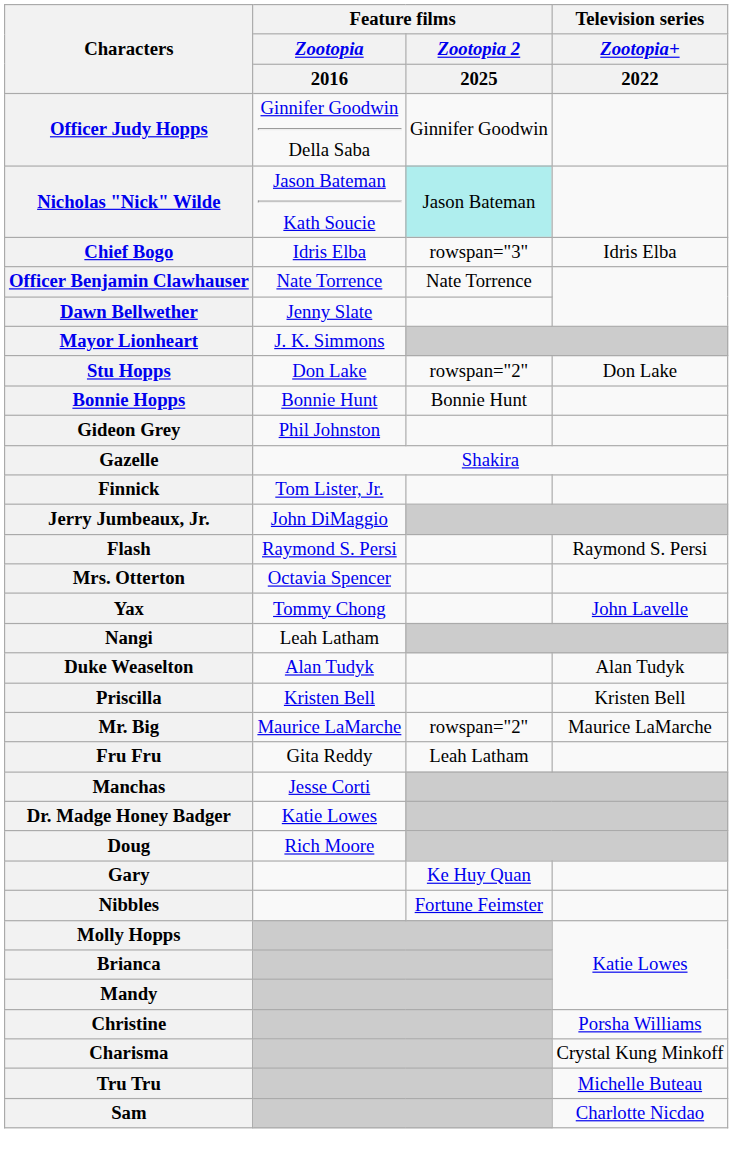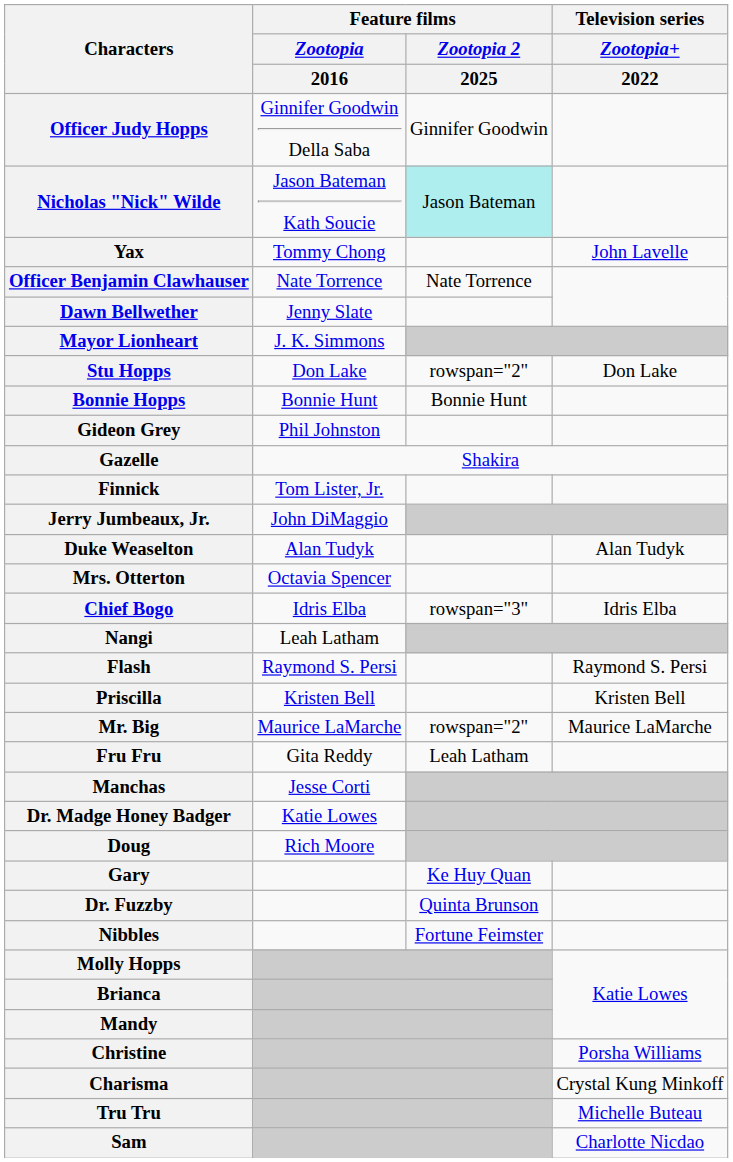 <table class="wikitable" style="text-align:center">
 <tr>
 <th rowspan="3">Characters</th>
 <th colspan="2">Feature films</th>
 <th>Television series</th>
 </tr>
 <tr>
 <th style="text-align:center;"><em><a href='#'>Zootopia</a></em></th>
 <th style="text-align:center;"><em><a href='#'>Zootopia 2</a></em></th>
 <th style="text-align:center;"><em><a href='#'>Zootopia+</a></em></th>
 </tr>
 <tr>
 <th>2016</th>
 <th>2025</th>
 <th>2022</th>
 </tr>
 <tr>
 <th><a href='#'>Officer Judy Hopps</a></th>
 <td><a href='#'>Ginnifer Goodwin</a><hr>Della Saba</td>
 <td>Ginnifer Goodwin</td>
 <td></td>
 </tr>
 <tr>
 <th><a href='#'>Nicholas "Nick" Wilde</a></th>
 <td><a href='#'>Jason Bateman</a><hr><a href='#'>Kath Soucie</a></td>
 <td style="background: paleturquoise;">Jason Bateman</td>
 <td></td>
 </tr>
 <tr>
-<th><a href='#'>Chief Bogo</a></th>
-<td><a href='#'>Idris Elba</a></td>
-<td>rowspan="3" </td>
-<td>Idris Elba</td>
+<th>Yax</th>
+<td><a href='#'>Tommy Chong</a></td>
+<td></td>
+<td><a href='#'>John Lavelle</a></td>
 </tr>
 <tr>
 <th><a href='#'>Officer Benjamin Clawhauser</a></th>
 <td><a href='#'>Nate Torrence</a></td>
 <td>Nate Torrence</td>
 </tr>
 <tr>
 <th><a href='#'>Dawn Bellwether</a></th>
 <td><a href='#'>Jenny Slate</a></td>
 <td></td>
 </tr>
 <tr>
 <th><a href='#'>Mayor Lionheart</a></th>
 <td><a href='#'>J. K. Simmons</a></td>
 <td colspan="2" style="background:#CCCCCC;"></td>
 </tr>
 <tr>
 <th><a href='#'>Stu Hopps</a></th>
 <td><a href='#'>Don Lake</a></td>
 <td>rowspan="2" </td>
 <td>Don Lake</td>
 </tr>
 <tr>
 <th><a href='#'>Bonnie Hopps</a></th>
 <td><a href='#'>Bonnie Hunt</a></td>
 <td>Bonnie Hunt</td>
 </tr>
 <tr>
 <th>Gideon Grey</th>
 <td><a href='#'>Phil Johnston</a></td>
 <td></td>
 <td></td>
 </tr>
 <tr>
 <th>Gazelle</th>
 <td colspan="3"><a href='#'>Shakira</a></td>
 </tr>
 <tr>
 <th>Finnick</th>
 <td><a href='#'>Tom Lister, Jr.</a></td>
 <td></td>
 <td></td>
 </tr>
 <tr>
 <th>Jerry Jumbeaux, Jr.</th>
 <td><a href='#'>John DiMaggio</a></td>
 <td colspan="2" style="background:#CCCCCC;"></td>
 </tr>
 <tr>
-<th>Flash</th>
-<td><a href='#'>Raymond S. Persi</a></td>
+<th>Duke Weaselton</th>
+<td><a href='#'>Alan Tudyk</a></td>
 <td></td>
-<td>Raymond S. Persi</td>
+<td>Alan Tudyk</td>
 </tr>
 <tr>
 <th>Mrs. Otterton</th>
 <td><a href='#'>Octavia Spencer</a></td>
 <td></td>
 <td></td>
 </tr>
 <tr>
-<th>Yax</th>
-<td><a href='#'>Tommy Chong</a></td>
-<td></td>
-<td><a href='#'>John Lavelle</a></td>
+<th><a href='#'>Chief Bogo</a></th>
+<td><a href='#'>Idris Elba</a></td>
+<td>rowspan="3" </td>
+<td>Idris Elba</td>
 </tr>
 <tr>
 <th>Nangi</th>
 <td>Leah Latham</td>
 <td colspan="2" style="background:#CCCCCC;"></td>
 </tr>
 <tr>
-<th>Duke Weaselton</th>
-<td><a href='#'>Alan Tudyk</a></td>
+<th>Flash</th>
+<td><a href='#'>Raymond S. Persi</a></td>
 <td></td>
-<td>Alan Tudyk</td>
+<td>Raymond S. Persi</td>
 </tr>
 <tr>
 <th>Priscilla</th>
 <td><a href='#'>Kristen Bell</a></td>
 <td></td>
 <td>Kristen Bell</td>
 </tr>
 <tr>
 <th>Mr. Big</th>
 <td><a href='#'>Maurice LaMarche</a></td>
 <td>rowspan="2" </td>
 <td>Maurice LaMarche</td>
 </tr>
 <tr>
 <th>Fru Fru</th>
 <td>Gita Reddy</td>
 <td>Leah Latham</td>
 </tr>
 <tr>
 <th>Manchas</th>
 <td><a href='#'>Jesse Corti</a></td>
 <td colspan="2" style="background:#CCCCCC;"></td>
 </tr>
 <tr>
 <th>Dr. Madge Honey Badger</th>
 <td><a href='#'>Katie Lowes</a></td>
 <td colspan="2" style="background:#CCCCCC;"></td>
 </tr>
 <tr>
 <th>Doug</th>
 <td><a href='#'>Rich Moore</a></td>
 <td colspan="2" style="background:#CCCCCC;"></td>
 </tr>
 <tr>
 <th>Gary</th>
 <td></td>
 <td><a href='#'>Ke Huy Quan</a></td>
+<td></td>
+</tr>
+<tr>
+<th>Dr. Fuzzby</th>
+<td></td>
+<td><a href='#'>Quinta Brunson</a></td>
 <td></td>
 </tr>
 <tr>
 <th>Nibbles</th>
 <td></td>
 <td><a href='#'>Fortune Feimster</a></td>
 <td></td>
 </tr>
 <tr>
 <th>Molly Hopps</th>
 <td colspan="2" style="background:#CCCCCC;"></td>
 <td rowspan="3"><a href='#'>Katie Lowes</a></td>
 </tr>
 <tr>
 <th>Brianca</th>
 <td colspan="2" style="background:#CCCCCC;"></td>
 </tr>
 <tr>
 <th>Mandy</th>
 <td colspan="2" style="background:#CCCCCC;"></td>
 </tr>
 <tr>
 <th>Christine</th>
 <td colspan="2" style="background:#CCCCCC;"></td>
 <td><a href='#'>Porsha Williams</a></td>
 </tr>
 <tr>
 <th>Charisma</th>
 <td colspan="2" style="background:#CCCCCC;"></td>
 <td>Crystal Kung Minkoff</td>
 </tr>
 <tr>
 <th>Tru Tru</th>
 <td colspan="2" style="background:#CCCCCC;"></td>
 <td><a href='#'>Michelle Buteau</a></td>
 </tr>
 <tr>
 <th>Sam</th>
 <td colspan="2" style="background:#CCCCCC;"></td>
 <td><a href='#'>Charlotte Nicdao</a></td>
 </tr>
 </table>
